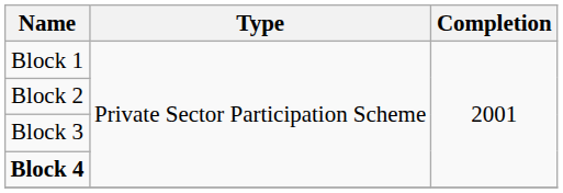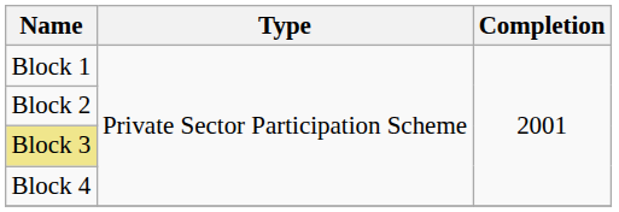 <table class="wikitable" style="text-align: center">
 <tr>
 <th>Name</th>
 <th>Type</th>
 <th>Completion</th>
 </tr>
 <tr>
 <td>Block 1</td>
 <td rowspan="4">Private Sector Participation Scheme</td>
 <td rowspan="4">2001</td>
 </tr>
 <tr>
 <td>Block 2</td>
 </tr>
 <tr>
-<td>Block 3</td>
+<td style="background: khaki;">Block 3</td>
 </tr>
 <tr>
-<td><strong>Block 4</strong></td>
+<td>Block 4</td>
 </tr>
 <tr>
 </tr>
 </table>
